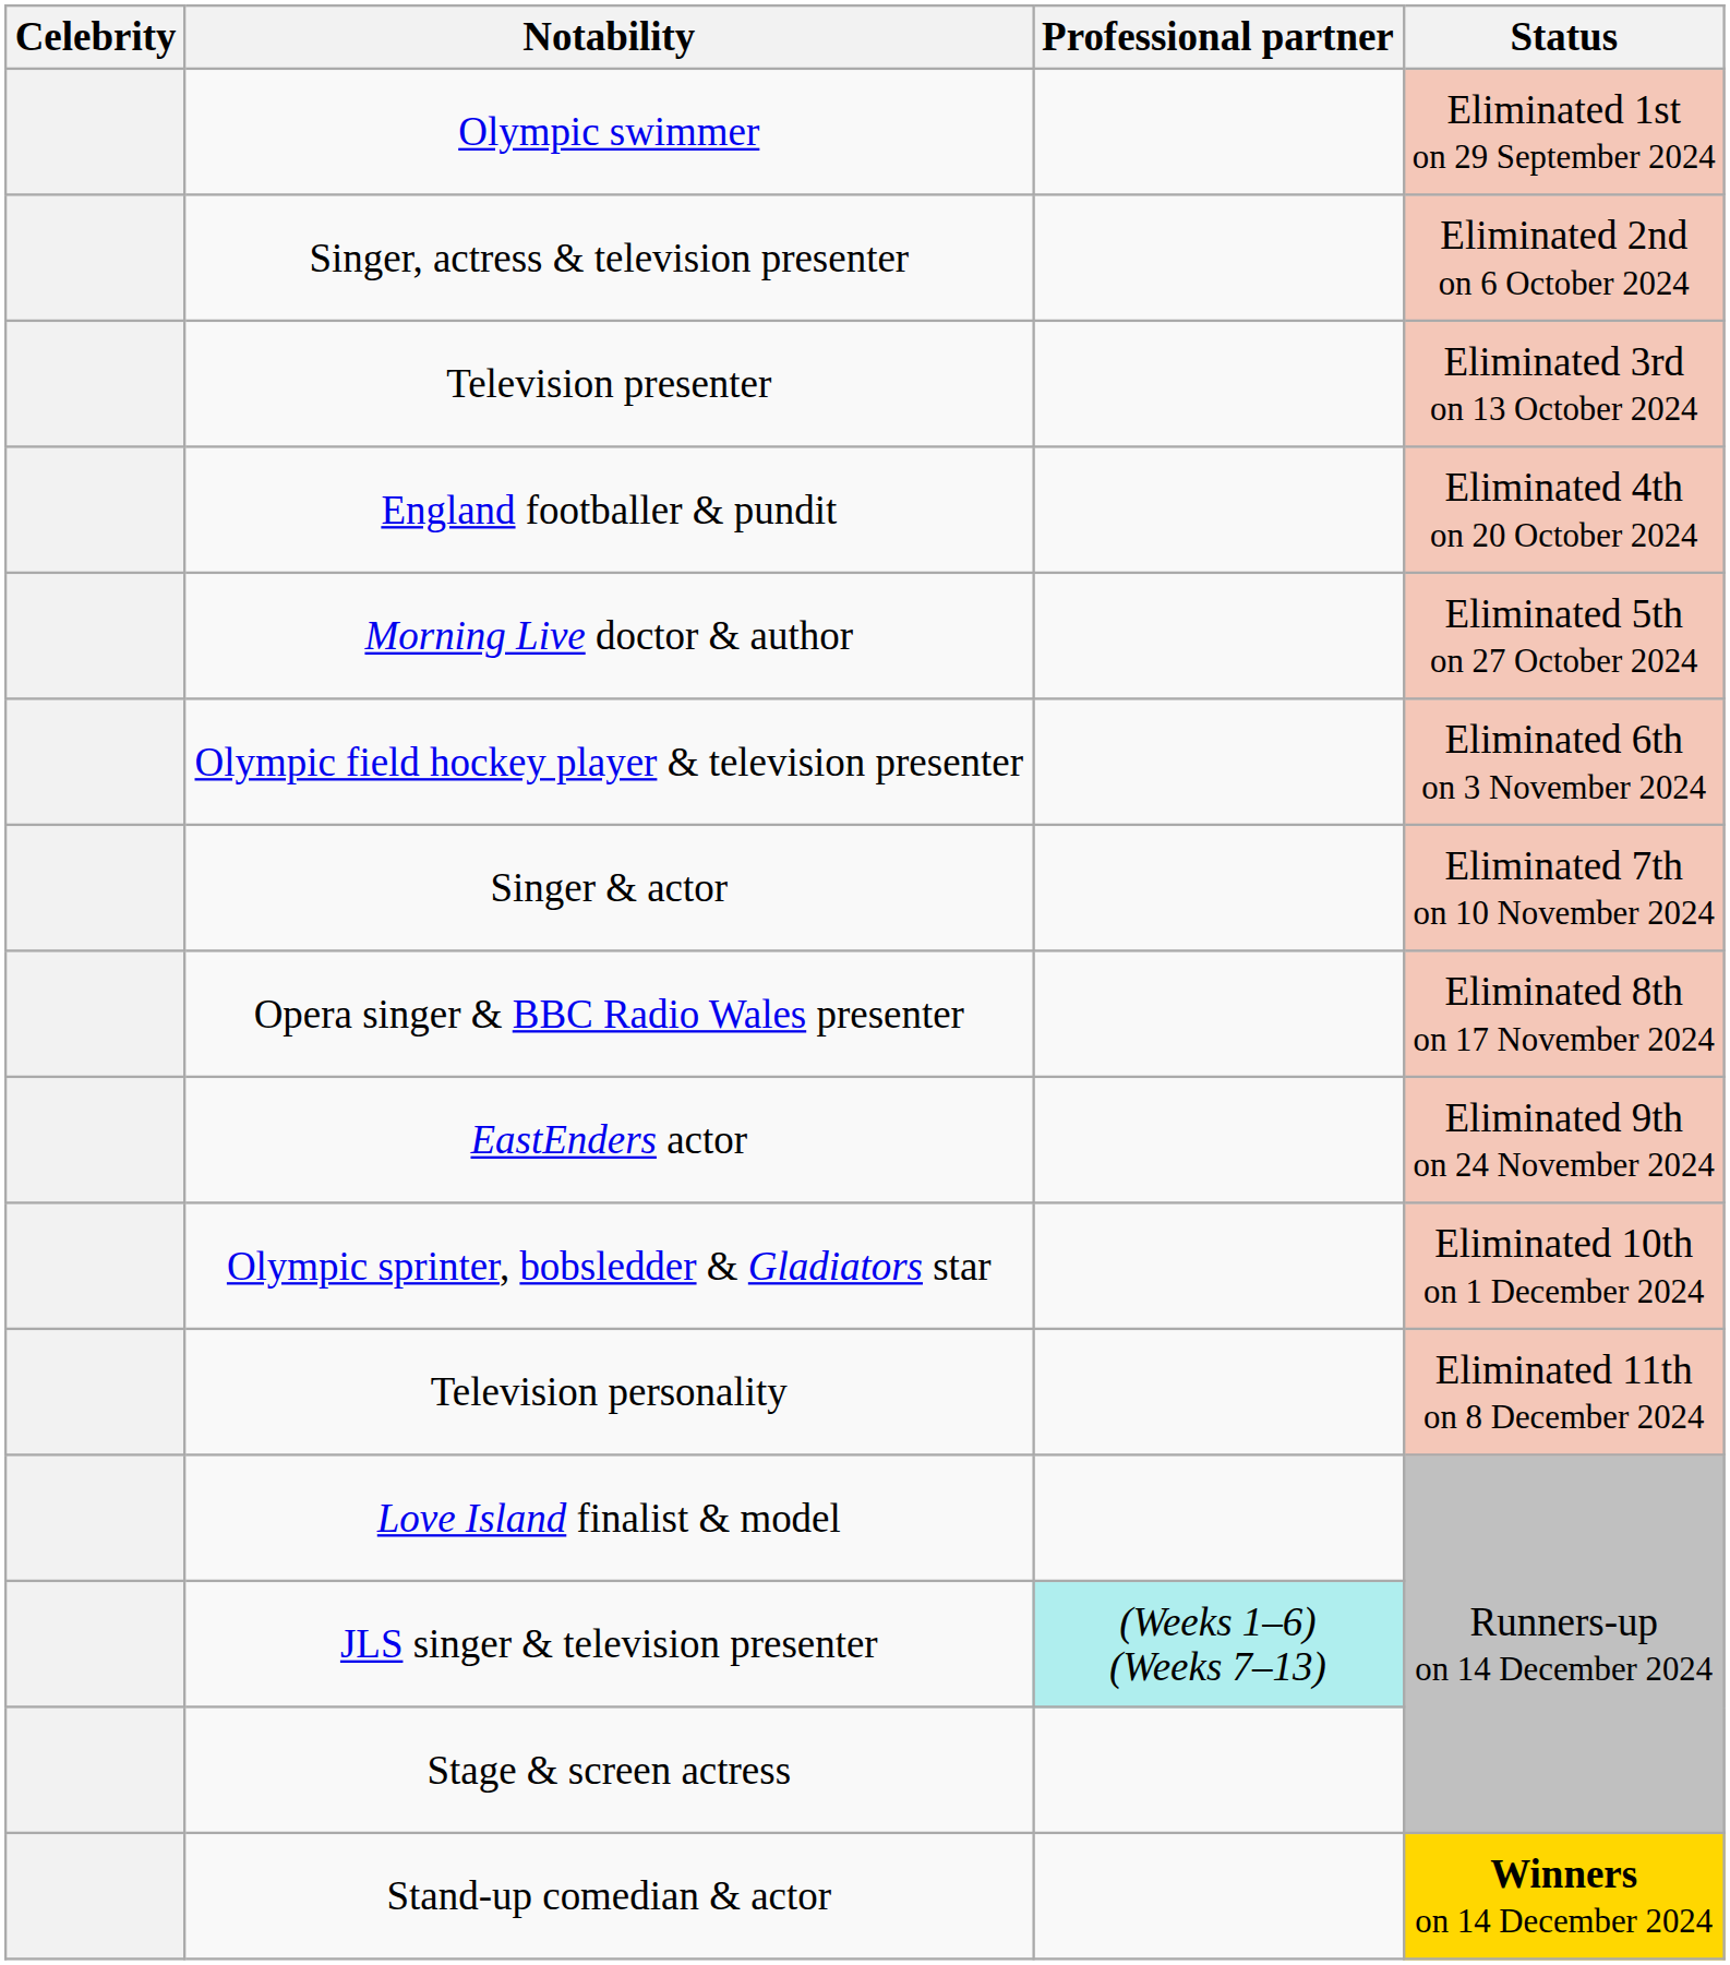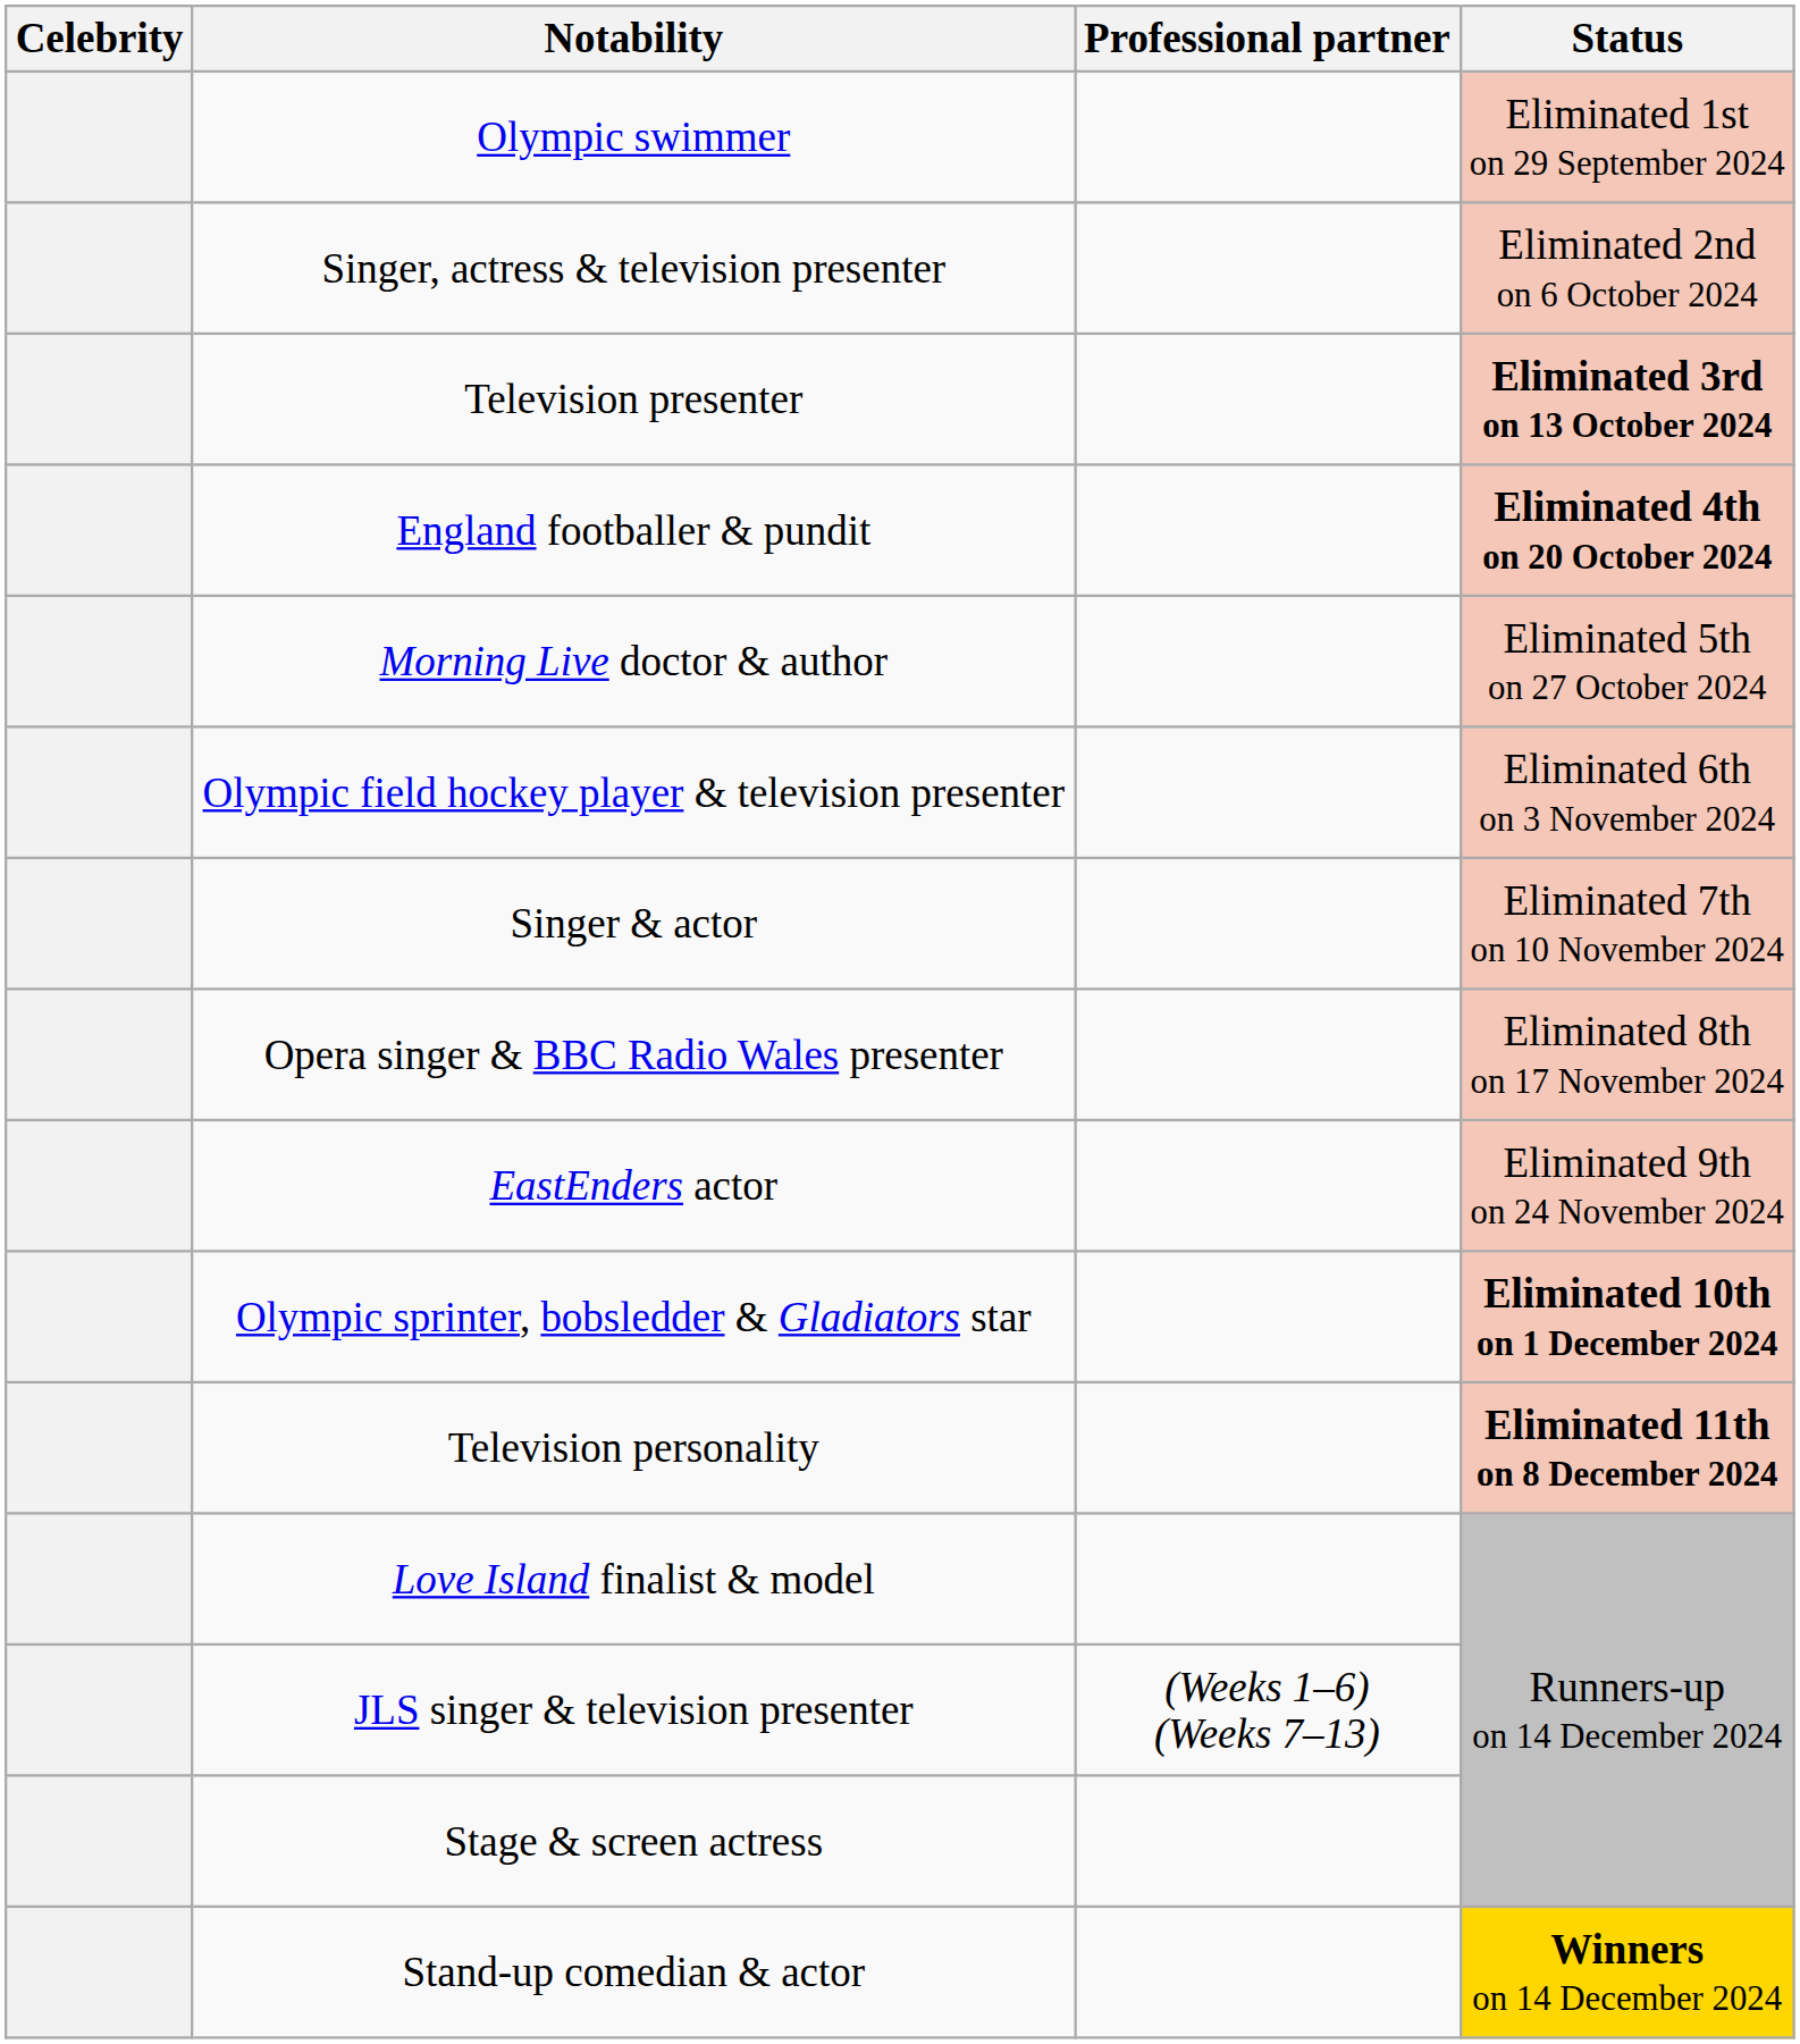 <table class="wikitable sortable" style="text-align:center;">
 <tr>
 <th scope="col">Celebrity</th>
 <th scope="col" class="unsortable">Notability</th>
 <th scope="col">Professional partner</th>
 <th scope="col">Status</th>
 </tr>
 <tr style="height:50px">
 <th scope="row"></th>
 <td><a href='#'>Olympic swimmer</a></td>
 <td></td>
 <td style="background:#f4c7b8;">Eliminated 1st<br><small>on 29 September 2024</small></td>
 </tr>
 <tr style="height:50px">
 <th scope="row"></th>
 <td>Singer, actress & television presenter</td>
 <td></td>
 <td style="background:#f4c7b8;">Eliminated 2nd<br><small>on 6 October 2024</small></td>
 </tr>
 <tr style="height:50px">
 <th scope="row"></th>
 <td>Television presenter</td>
 <td></td>
-<td style="background:#f4c7b8;">Eliminated 3rd<br><small>on 13 October 2024</small></td>
+<td style="background:#f4c7b8;"><strong>Eliminated 3rd<br><small>on 13 October 2024</small></strong></td>
 </tr>
 <tr style="height:50px">
 <th scope="row"></th>
 <td><a href='#'>England</a> footballer & pundit</td>
 <td></td>
-<td style="background:#f4c7b8;">Eliminated 4th<br><small>on 20 October 2024</small></td>
+<td style="background:#f4c7b8;"><strong>Eliminated 4th<br><small>on 20 October 2024</small></strong></td>
 </tr>
 <tr style="height:50px">
 <th scope="row"></th>
 <td><em><a href='#'>Morning Live</a></em> doctor & author</td>
 <td></td>
 <td style="background:#f4c7b8;">Eliminated 5th<br><small>on 27 October 2024</small></td>
 </tr>
 <tr style="height:50px">
 <th scope="row"></th>
 <td><a href='#'>Olympic field hockey player</a> & television presenter</td>
 <td></td>
 <td style="background:#f4c7b8;">Eliminated 6th<br><small>on 3 November 2024</small></td>
 </tr>
 <tr style="height:50px">
 <th scope="row"></th>
 <td>Singer & actor</td>
 <td></td>
 <td style="background:#f4c7b8;">Eliminated 7th<br><small>on 10 November 2024</small></td>
 </tr>
 <tr style="height:50px">
 <th scope="row"></th>
 <td>Opera singer & <a href='#'>BBC Radio Wales</a> presenter</td>
 <td></td>
 <td style="background:#f4c7b8;">Eliminated 8th<br><small>on 17 November 2024</small></td>
 </tr>
 <tr style="height:50px">
 <th scope="row"></th>
 <td><em><a href='#'>EastEnders</a></em> actor</td>
 <td></td>
 <td style="background:#f4c7b8;">Eliminated 9th<br><small>on 24 November 2024</small></td>
 </tr>
 <tr style="height:50px">
 <th scope="row"></th>
 <td><a href='#'>Olympic sprinter</a>, <a href='#'>bobsledder</a> & <em><a href='#'>Gladiators</a></em> star</td>
 <td></td>
-<td style="background:#f4c7b8;">Eliminated 10th<br><small>on 1 December 2024</small></td>
+<td style="background:#f4c7b8;"><strong>Eliminated 10th<br><small>on 1 December 2024</small></strong></td>
 </tr>
 <tr style="height:50px">
 <th scope="row"></th>
 <td>Television personality</td>
 <td></td>
-<td style="background:#f4c7b8;">Eliminated 11th<br><small>on 8 December 2024</small></td>
+<td style="background:#f4c7b8;"><strong>Eliminated 11th<br><small>on 8 December 2024</small></strong></td>
 </tr>
 <tr style="height:50px">
 <th scope="row"></th>
 <td><em><a href='#'>Love Island</a></em> finalist & model</td>
 <td></td>
 <td rowspan="3" style="background:silver">Runners-up<br><small>on 14 December 2024</small></td>
 </tr>
 <tr style="height:50px">
 <th scope="row"></th>
 <td><a href='#'>JLS</a> singer & television presenter</td>
-<td style="background: paleturquoise;"> <em>(Weeks 1–6)</em><br> <em>(Weeks 7–13)</em></td>
+<td> <em>(Weeks 1–6)</em><br> <em>(Weeks 7–13)</em></td>
 </tr>
 <tr style="height:50px">
 <th scope="row"></th>
 <td>Stage & screen actress</td>
 <td></td>
 </tr>
 <tr style="height:50px">
 <th scope="row"></th>
 <td>Stand-up comedian & actor</td>
 <td></td>
 <td style="background:gold"><strong>Winners</strong><br><small>on 14 December 2024</small></td>
 </tr>
 </table>
